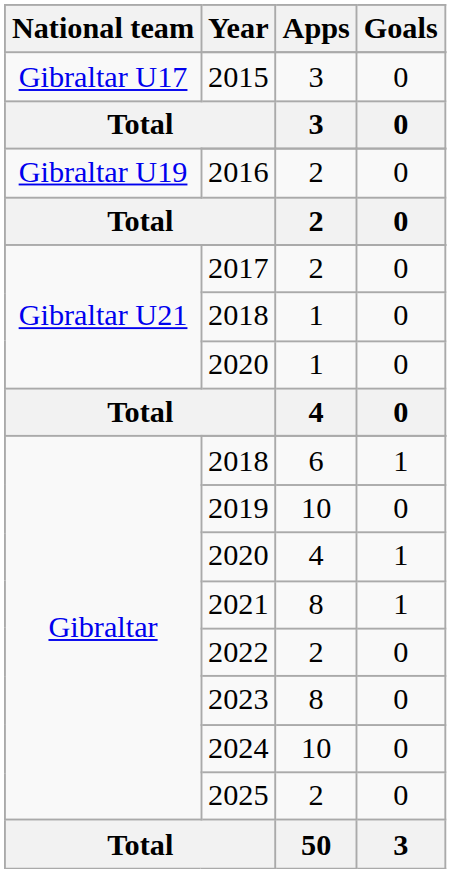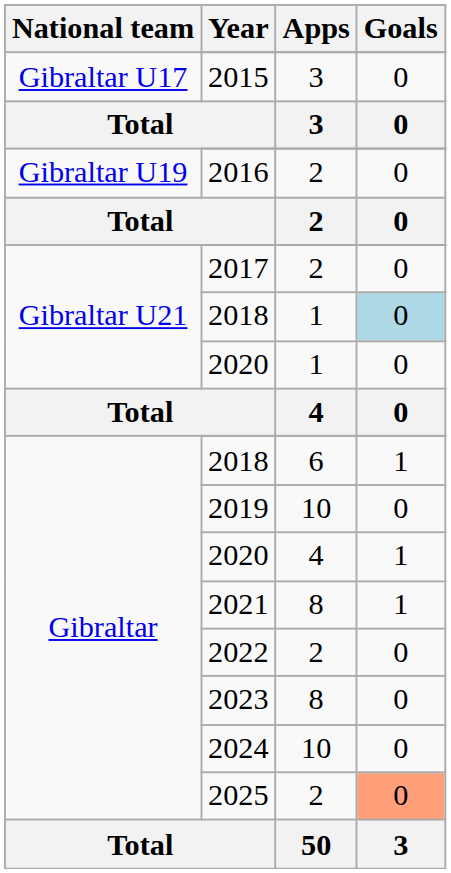 <table class=wikitable style="text-align: center;">
 <tr>
 <th>National team</th>
 <th>Year</th>
 <th>Apps</th>
 <th>Goals</th>
 </tr>
 <tr>
 <td rowspan=2><a href='#'>Gibraltar U17</a></td>
 </tr>
 <tr>
 <td>2015</td>
 <td>3</td>
 <td>0</td>
 </tr>
 <tr>
 <th colspan=2>Total</th>
 <th>3</th>
 <th>0</th>
 </tr>
 <tr>
 <td rowspan=2><a href='#'>Gibraltar U19</a></td>
 </tr>
 <tr>
 <td>2016</td>
 <td>2</td>
 <td>0</td>
 </tr>
 <tr>
 <th colspan=2>Total</th>
 <th>2</th>
 <th>0</th>
 </tr>
 <tr>
 <td rowspan=4><a href='#'>Gibraltar U21</a></td>
 </tr>
 <tr>
 <td>2017</td>
 <td>2</td>
 <td>0</td>
 </tr>
 <tr>
 <td>2018</td>
 <td>1</td>
-<td>0</td>
+<td style="background: lightblue;">0</td>
 </tr>
 <tr>
 <td>2020</td>
 <td>1</td>
 <td>0</td>
 </tr>
 <tr>
 <th colspan=2>Total</th>
 <th>4</th>
 <th>0</th>
 </tr>
 <tr>
 <td rowspan=9><a href='#'>Gibraltar</a></td>
 </tr>
 <tr>
 <td>2018</td>
 <td>6</td>
 <td>1</td>
 </tr>
 <tr>
 <td>2019</td>
 <td>10</td>
 <td>0</td>
 </tr>
 <tr>
 <td>2020</td>
 <td>4</td>
 <td>1</td>
 </tr>
 <tr>
 <td>2021</td>
 <td>8</td>
 <td>1</td>
 </tr>
 <tr>
 <td>2022</td>
 <td>2</td>
 <td>0</td>
 </tr>
 <tr>
 <td>2023</td>
 <td>8</td>
 <td>0</td>
 </tr>
 <tr>
 <td>2024</td>
 <td>10</td>
 <td>0</td>
 </tr>
 <tr>
 <td>2025</td>
 <td>2</td>
-<td>0</td>
+<td style="background: lightsalmon;">0</td>
 </tr>
 <tr>
 <th colspan=2>Total</th>
 <th>50</th>
 <th>3</th>
 </tr>
 </table>
